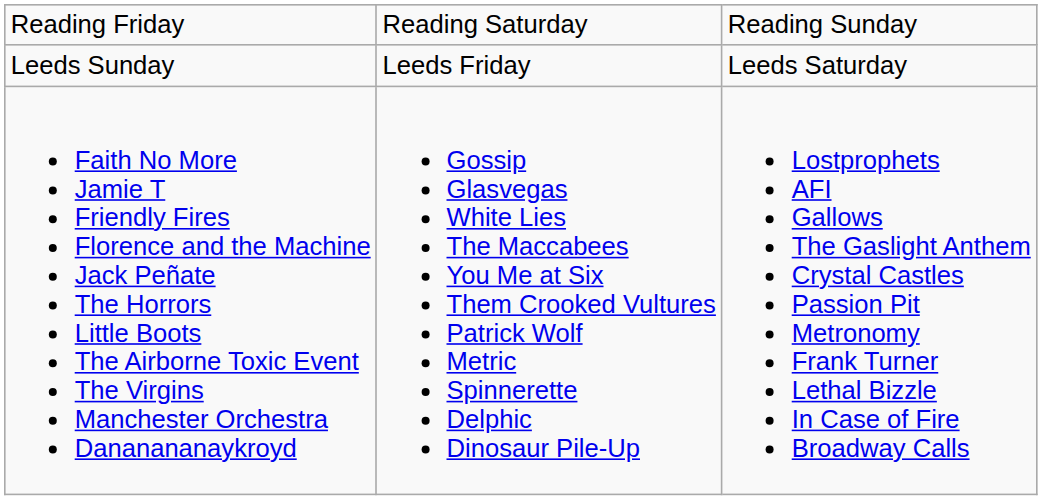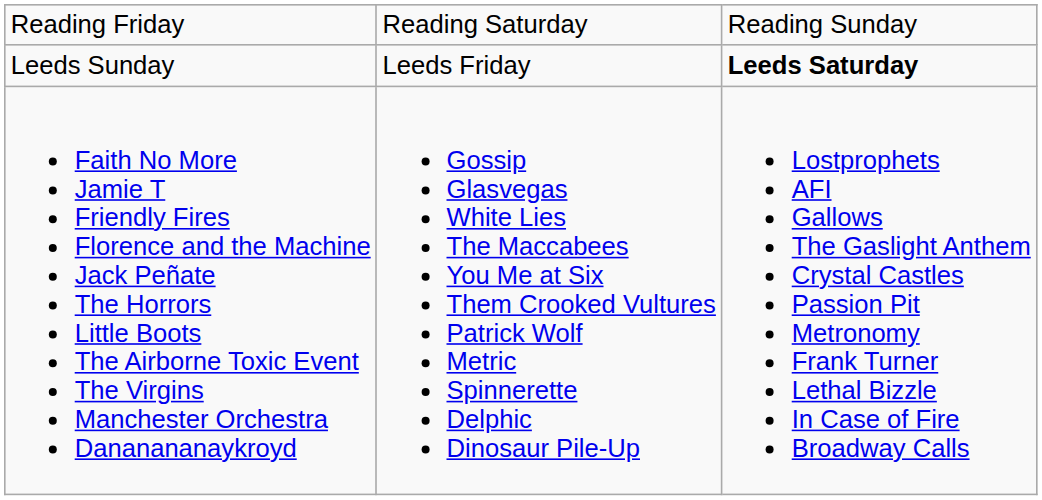 <table class="wikitable">
 <tr>
 <td>Reading Friday</td>
 <td>Reading Saturday</td>
 <td>Reading Sunday</td>
 </tr>
 <tr>
 <td>Leeds Sunday</td>
 <td>Leeds Friday</td>
-<td>Leeds Saturday</td>
+<td><strong>Leeds Saturday</strong></td>
 </tr>
 <tr>
 <td><br><ul><li><a href='#'>Faith No More</a></li><li><a href='#'>Jamie T</a></li><li><a href='#'>Friendly Fires</a></li><li><a href='#'>Florence and the Machine</a></li><li><a href='#'>Jack Peñate</a></li><li><a href='#'>The Horrors</a></li><li><a href='#'>Little Boots</a></li><li><a href='#'>The Airborne Toxic Event</a></li><li><a href='#'>The Virgins</a></li><li><a href='#'>Manchester Orchestra</a></li><li><a href='#'>Dananananaykroyd</a></li></ul></td>
 <td><br><ul><li><a href='#'>Gossip</a></li><li><a href='#'>Glasvegas</a></li><li><a href='#'>White Lies</a></li><li><a href='#'>The Maccabees</a></li><li><a href='#'>You Me at Six</a></li><li><a href='#'>Them Crooked Vultures</a></li><li><a href='#'>Patrick Wolf</a></li><li><a href='#'>Metric</a></li><li><a href='#'>Spinnerette</a></li><li><a href='#'>Delphic</a></li><li><a href='#'>Dinosaur Pile-Up</a></li></ul></td>
 <td><br><ul><li><a href='#'>Lostprophets</a></li><li><a href='#'>AFI</a></li><li><a href='#'>Gallows</a></li><li><a href='#'>The Gaslight Anthem</a></li><li><a href='#'>Crystal Castles</a></li><li><a href='#'>Passion Pit</a></li><li><a href='#'>Metronomy</a></li><li><a href='#'>Frank Turner</a></li><li><a href='#'>Lethal Bizzle</a></li><li><a href='#'>In Case of Fire</a></li><li><a href='#'>Broadway Calls</a></li></ul></td>
 </tr>
 </table>
